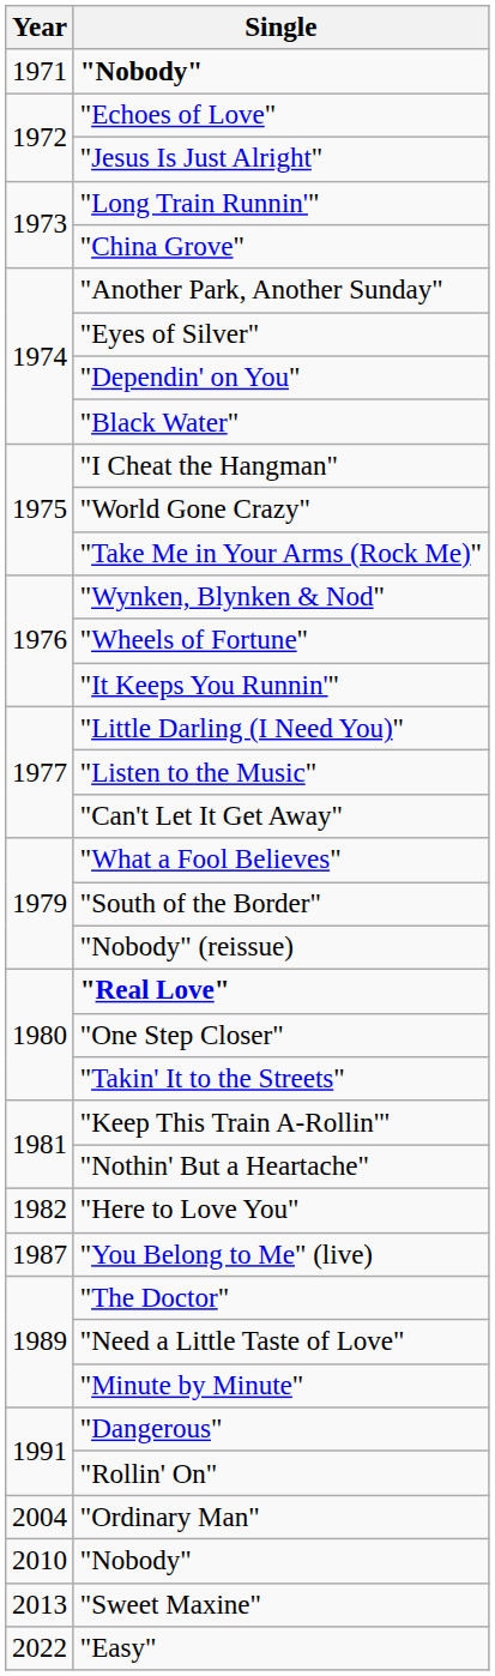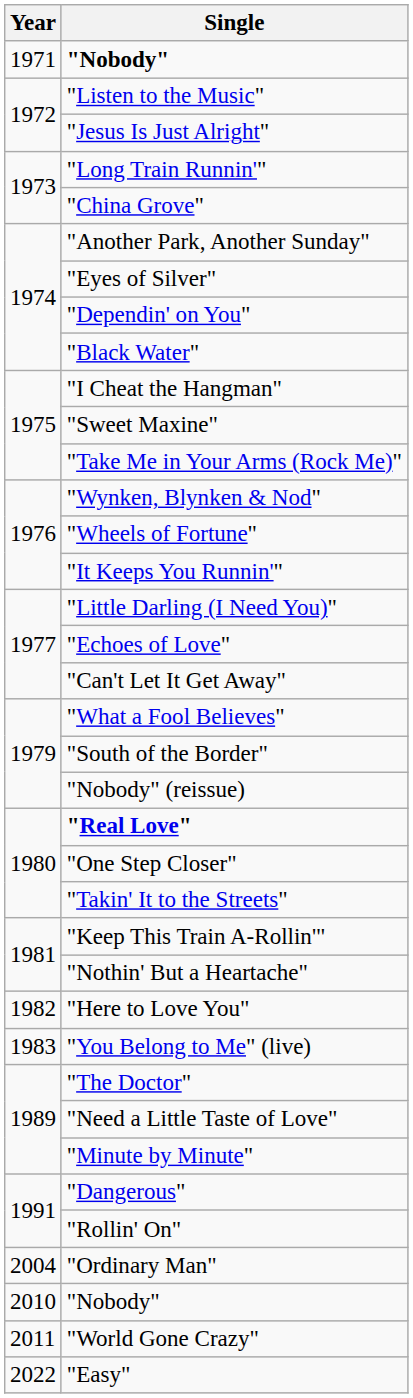 <table class="wikitable">
 <tr>
 <th>Year</th>
 <th>Single</th>
 </tr>
 <tr>
 <td>1971</td>
 <td><strong>"Nobody"</strong></td>
 </tr>
 <tr>
 <td rowspan="2">1972</td>
-<td>"<a href='#'>Echoes of Love</a>"</td>
+<td>"<a href='#'>Listen to the Music</a>"</td>
 </tr>
 <tr>
 <td>"<a href='#'>Jesus Is Just Alright</a>"</td>
 </tr>
 <tr>
 <td rowspan="2">1973</td>
 <td>"<a href='#'>Long Train Runnin'</a>"</td>
 </tr>
 <tr>
 <td>"<a href='#'>China Grove</a>"</td>
 </tr>
 <tr>
 <td rowspan="4">1974</td>
 <td>"Another Park, Another Sunday"</td>
 </tr>
 <tr>
 <td>"Eyes of Silver"</td>
 </tr>
 <tr>
 <td>"<a href='#'>Dependin' on You</a>"</td>
 </tr>
 <tr>
 <td>"<a href='#'>Black Water</a>"</td>
 </tr>
 <tr>
 <td rowspan="3">1975</td>
 <td>"I Cheat the Hangman"</td>
 </tr>
 <tr>
-<td>"World Gone Crazy"</td>
+<td>"Sweet Maxine"</td>
 </tr>
 <tr>
 <td>"<a href='#'>Take Me in Your Arms (Rock Me)</a>"</td>
 </tr>
 <tr>
 <td rowspan="3">1976</td>
 <td>"<a href='#'>Wynken, Blynken & Nod</a>"</td>
 </tr>
 <tr>
 <td>"<a href='#'>Wheels of Fortune</a>"</td>
 </tr>
 <tr>
 <td>"<a href='#'>It Keeps You Runnin'</a>"</td>
 </tr>
 <tr>
 <td rowspan="3">1977</td>
 <td>"<a href='#'>Little Darling (I Need You)</a>"</td>
 </tr>
 <tr>
-<td>"<a href='#'>Listen to the Music</a>"</td>
+<td>"<a href='#'>Echoes of Love</a>"</td>
 </tr>
 <tr>
 <td>"Can't Let It Get Away"</td>
 </tr>
 <tr>
 <td rowspan="3">1979</td>
 <td>"<a href='#'>What a Fool Believes</a>"</td>
 </tr>
 <tr>
 <td>"South of the Border"</td>
 </tr>
 <tr>
 <td>"Nobody" (reissue)</td>
 </tr>
 <tr>
 <td rowspan="3">1980</td>
 <td><strong>"<a href='#'>Real Love</a>"</strong></td>
 </tr>
 <tr>
 <td>"One Step Closer"</td>
 </tr>
 <tr>
 <td>"<a href='#'>Takin' It to the Streets</a>"</td>
 </tr>
 <tr>
 <td rowspan="2">1981</td>
 <td>"Keep This Train A-Rollin'"</td>
 </tr>
 <tr>
 <td>"Nothin' But a Heartache"</td>
 </tr>
 <tr>
 <td>1982</td>
 <td>"Here to Love You"</td>
 </tr>
 <tr>
-<td>1987</td>
+<td>1983</td>
 <td>"<a href='#'>You Belong to Me</a>" (live)</td>
 </tr>
 <tr>
 <td rowspan="3">1989</td>
 <td>"<a href='#'>The Doctor</a>"</td>
 </tr>
 <tr>
 <td>"Need a Little Taste of Love"</td>
 </tr>
 <tr>
 <td>"<a href='#'>Minute by Minute</a>"</td>
 </tr>
 <tr>
 <td rowspan="2">1991</td>
 <td>"<a href='#'>Dangerous</a>"</td>
 </tr>
 <tr>
 <td>"Rollin' On"</td>
 </tr>
 <tr>
 <td>2004</td>
 <td>"Ordinary Man"</td>
 </tr>
 <tr>
 <td>2010</td>
 <td>"Nobody"</td>
 </tr>
 <tr>
-<td>2013</td>
-<td>"Sweet Maxine"</td>
+<td>2011</td>
+<td>"World Gone Crazy"</td>
 </tr>
 <tr>
 <td>2022</td>
 <td>"Easy"</td>
 </tr>
 </table>
